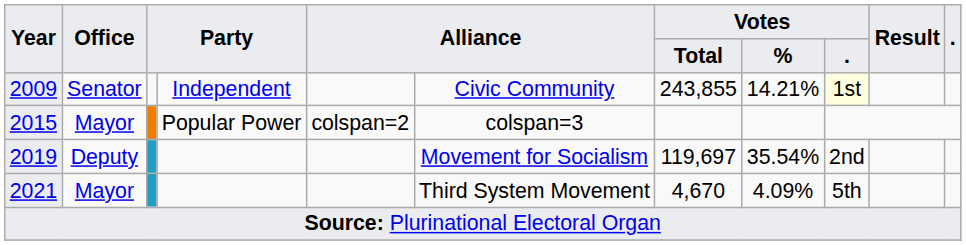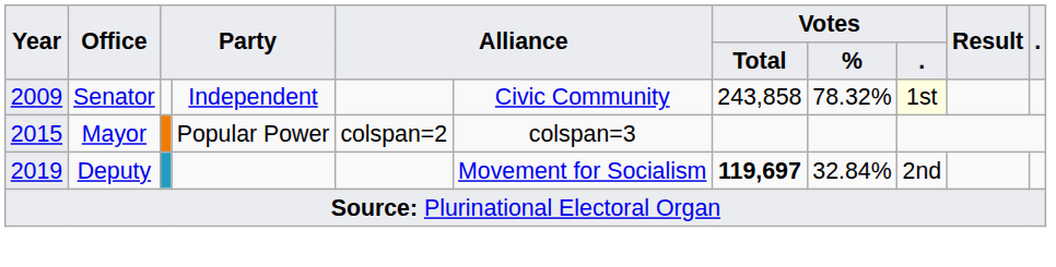 <table class="wikitable" style="font-size:90%; text-align:center;">
 <tr>
 <th style="background-color:#EAECF0;" rowspan=2>Year</th>
 <th style="background-color:#EAECF0;" rowspan=2>Office</th>
 <th style="background-color:#EAECF0;" colspan=2 rowspan=2>Party</th>
 <th style="background-color:#EAECF0;" colspan=2 rowspan=2>Alliance</th>
 <th style="background-color:#EAECF0;" colspan=3>Votes</th>
 <th style="background-color:#EAECF0;" rowspan=2>Result</th>
 <th style="background-color:#EAECF0;" rowspan=2>.</th>
 </tr>
 <tr>
 <th style="background-color:#EAECF0;">Total</th>
 <th style="background-color:#EAECF0;">%</th>
 <th style="background-color:#EAECF0;">.</th>
 </tr>
 <tr>
 <td style="background-color:#EAECF0;"><a href='#'>2009</a></td>
 <td><a href='#'>Senator</a></td>
 <td style="background-color:"></td>
 <td><a href='#'>Independent</a></td>
 <td style="background-color:"></td>
 <td><a href='#'>Civic Community</a></td>
-<td>243,855</td>
-<td>14.21%</td>
+<td>243,858</td>
+<td>78.32%</td>
 <td style="background: lightyellow;">1st</td>
 <td></td>
 <td></td>
 </tr>
 <tr>
 <td style="background-color:#EAECF0;"><a href='#'>2015</a></td>
 <td><a href='#'>Mayor</a></td>
 <td style="background-color:#F07D00;"></td>
 <td>Popular Power</td>
 <td>colspan=2 </td>
 <td>colspan=3 </td>
 <td></td>
 <td></td>
 </tr>
 <tr>
 <td style="background-color:#EAECF0;"><a href='#'>2019</a></td>
 <td><a href='#'>Deputy</a></td>
 <td style="background-color:#219DBF;"></td>
 <td></td>
 <td style="background-color:"></td>
 <td><a href='#'>Movement for Socialism</a></td>
-<td>119,697</td>
-<td>35.54%</td>
+<td><strong>119,697</strong></td>
+<td>32.84%</td>
 <td>2nd</td>
-<td></td>
-<td></td>
-</tr>
-<tr>
-<td style="background-color:#EAECF0;"><a href='#'>2021</a></td>
-<td><a href='#'>Mayor</a></td>
-<td style="background-color:#219DBF;"></td>
-<td></td>
-<td style="background-color:"></td>
-<td>Third System Movement</td>
-<td>4,670</td>
-<td>4.09%</td>
-<td>5th</td>
 <td></td>
 <td></td>
 </tr>
 <tr>
 <td style="background-color:#EAECF0;" colspan=11><strong>Source:</strong> <a href='#'>Plurinational Electoral Organ</a>  </td>
 </tr>
 </table>
